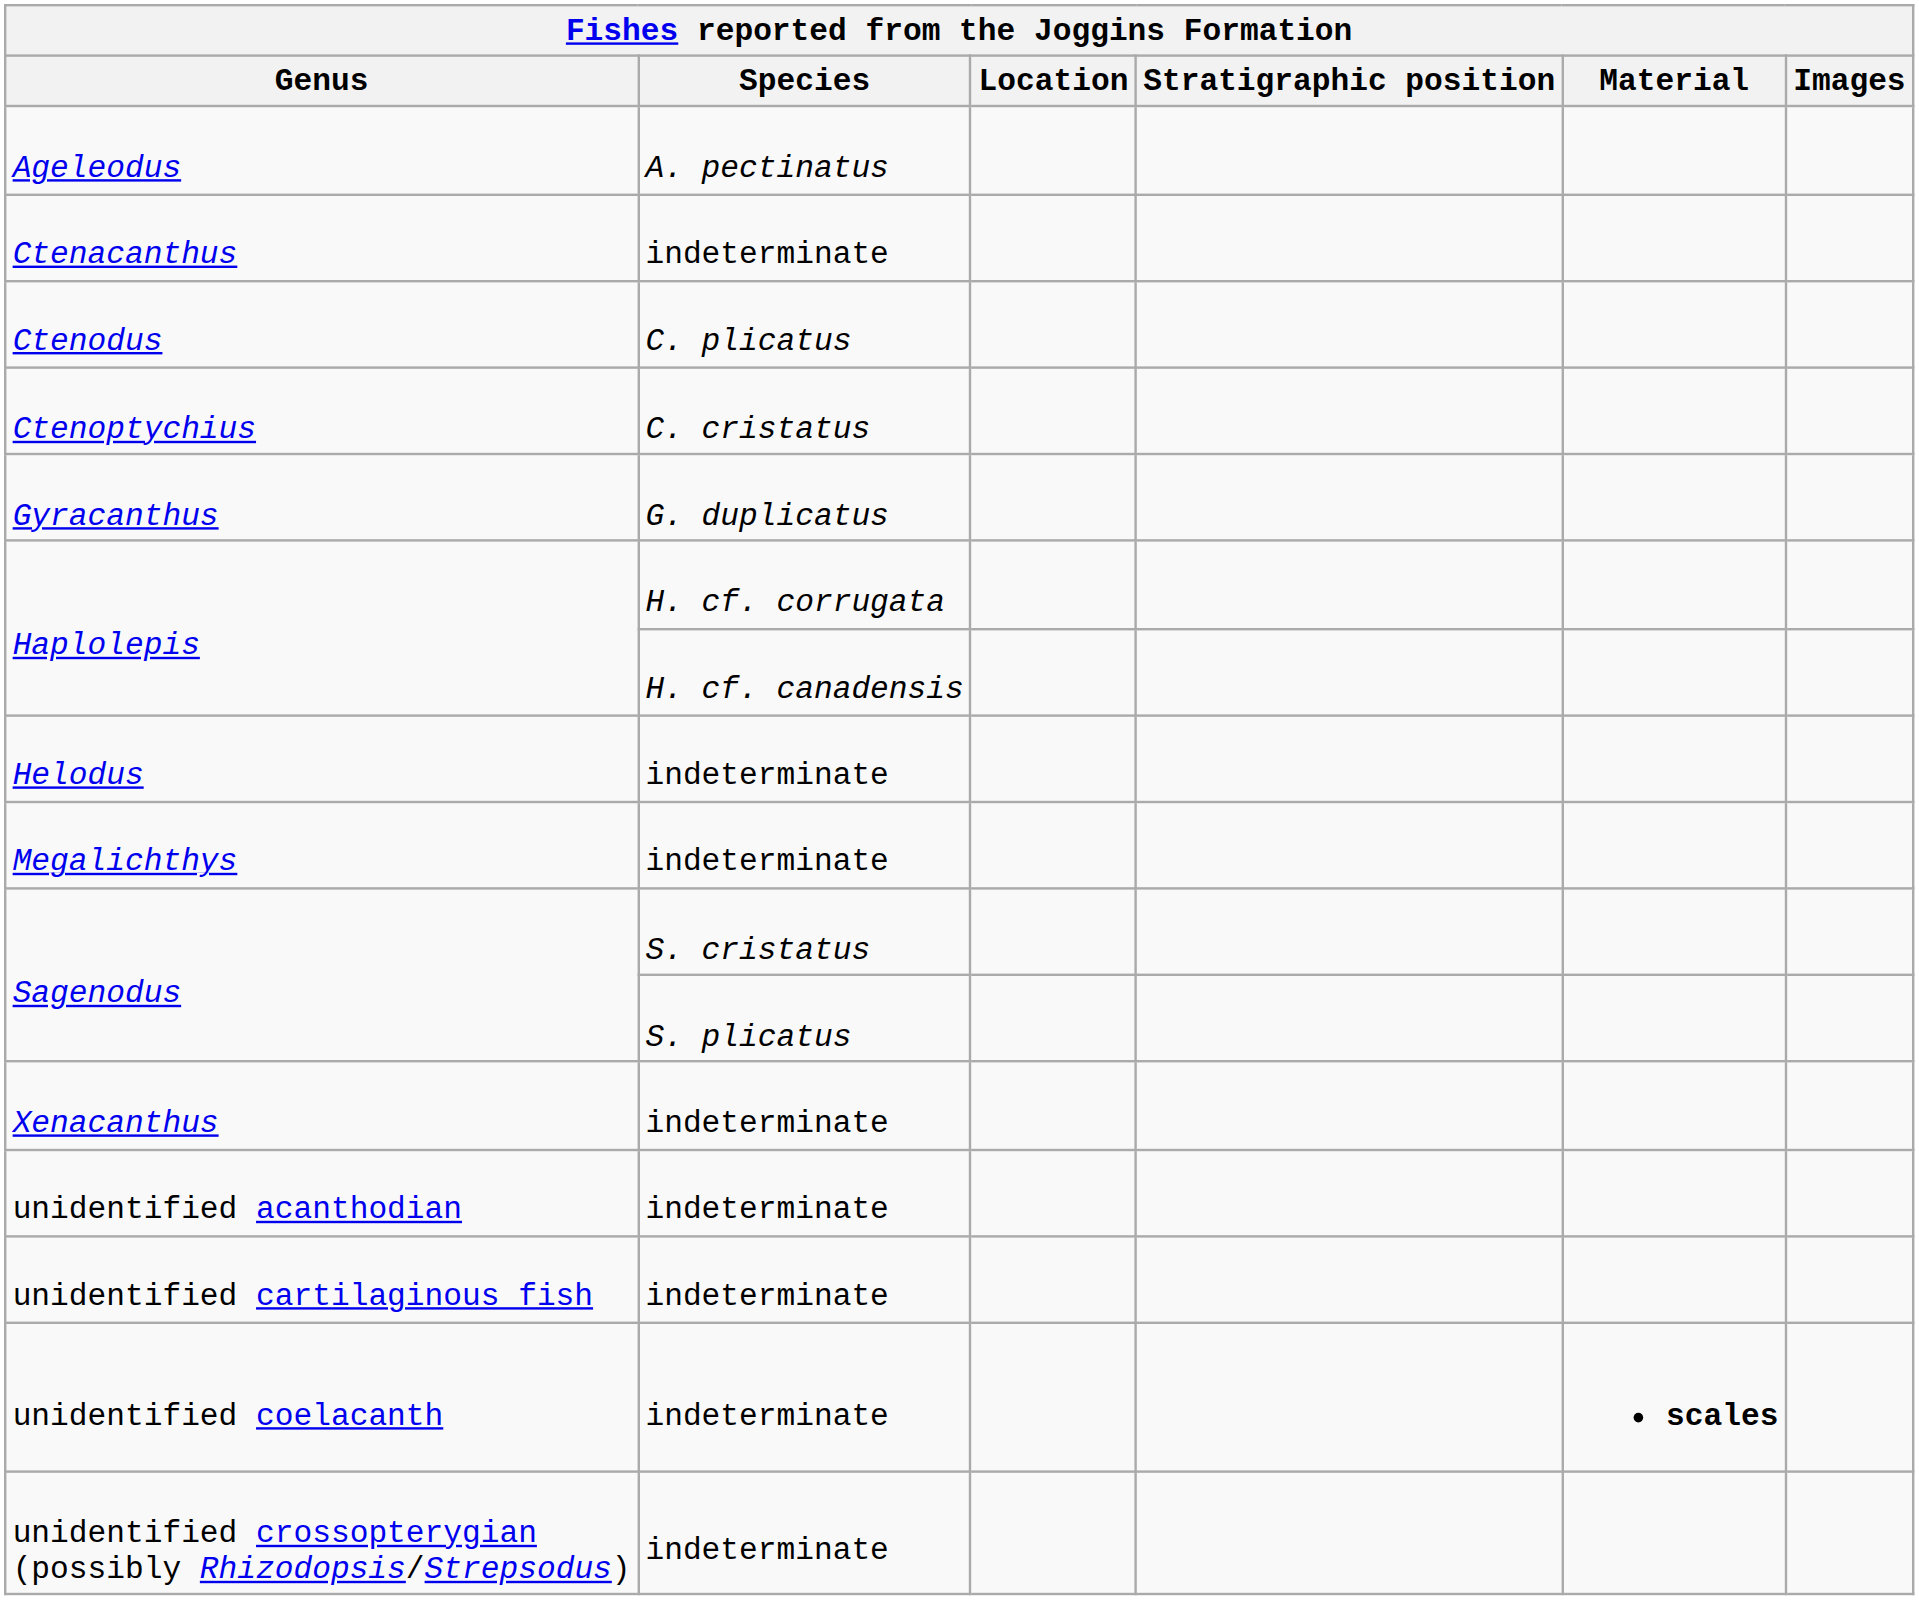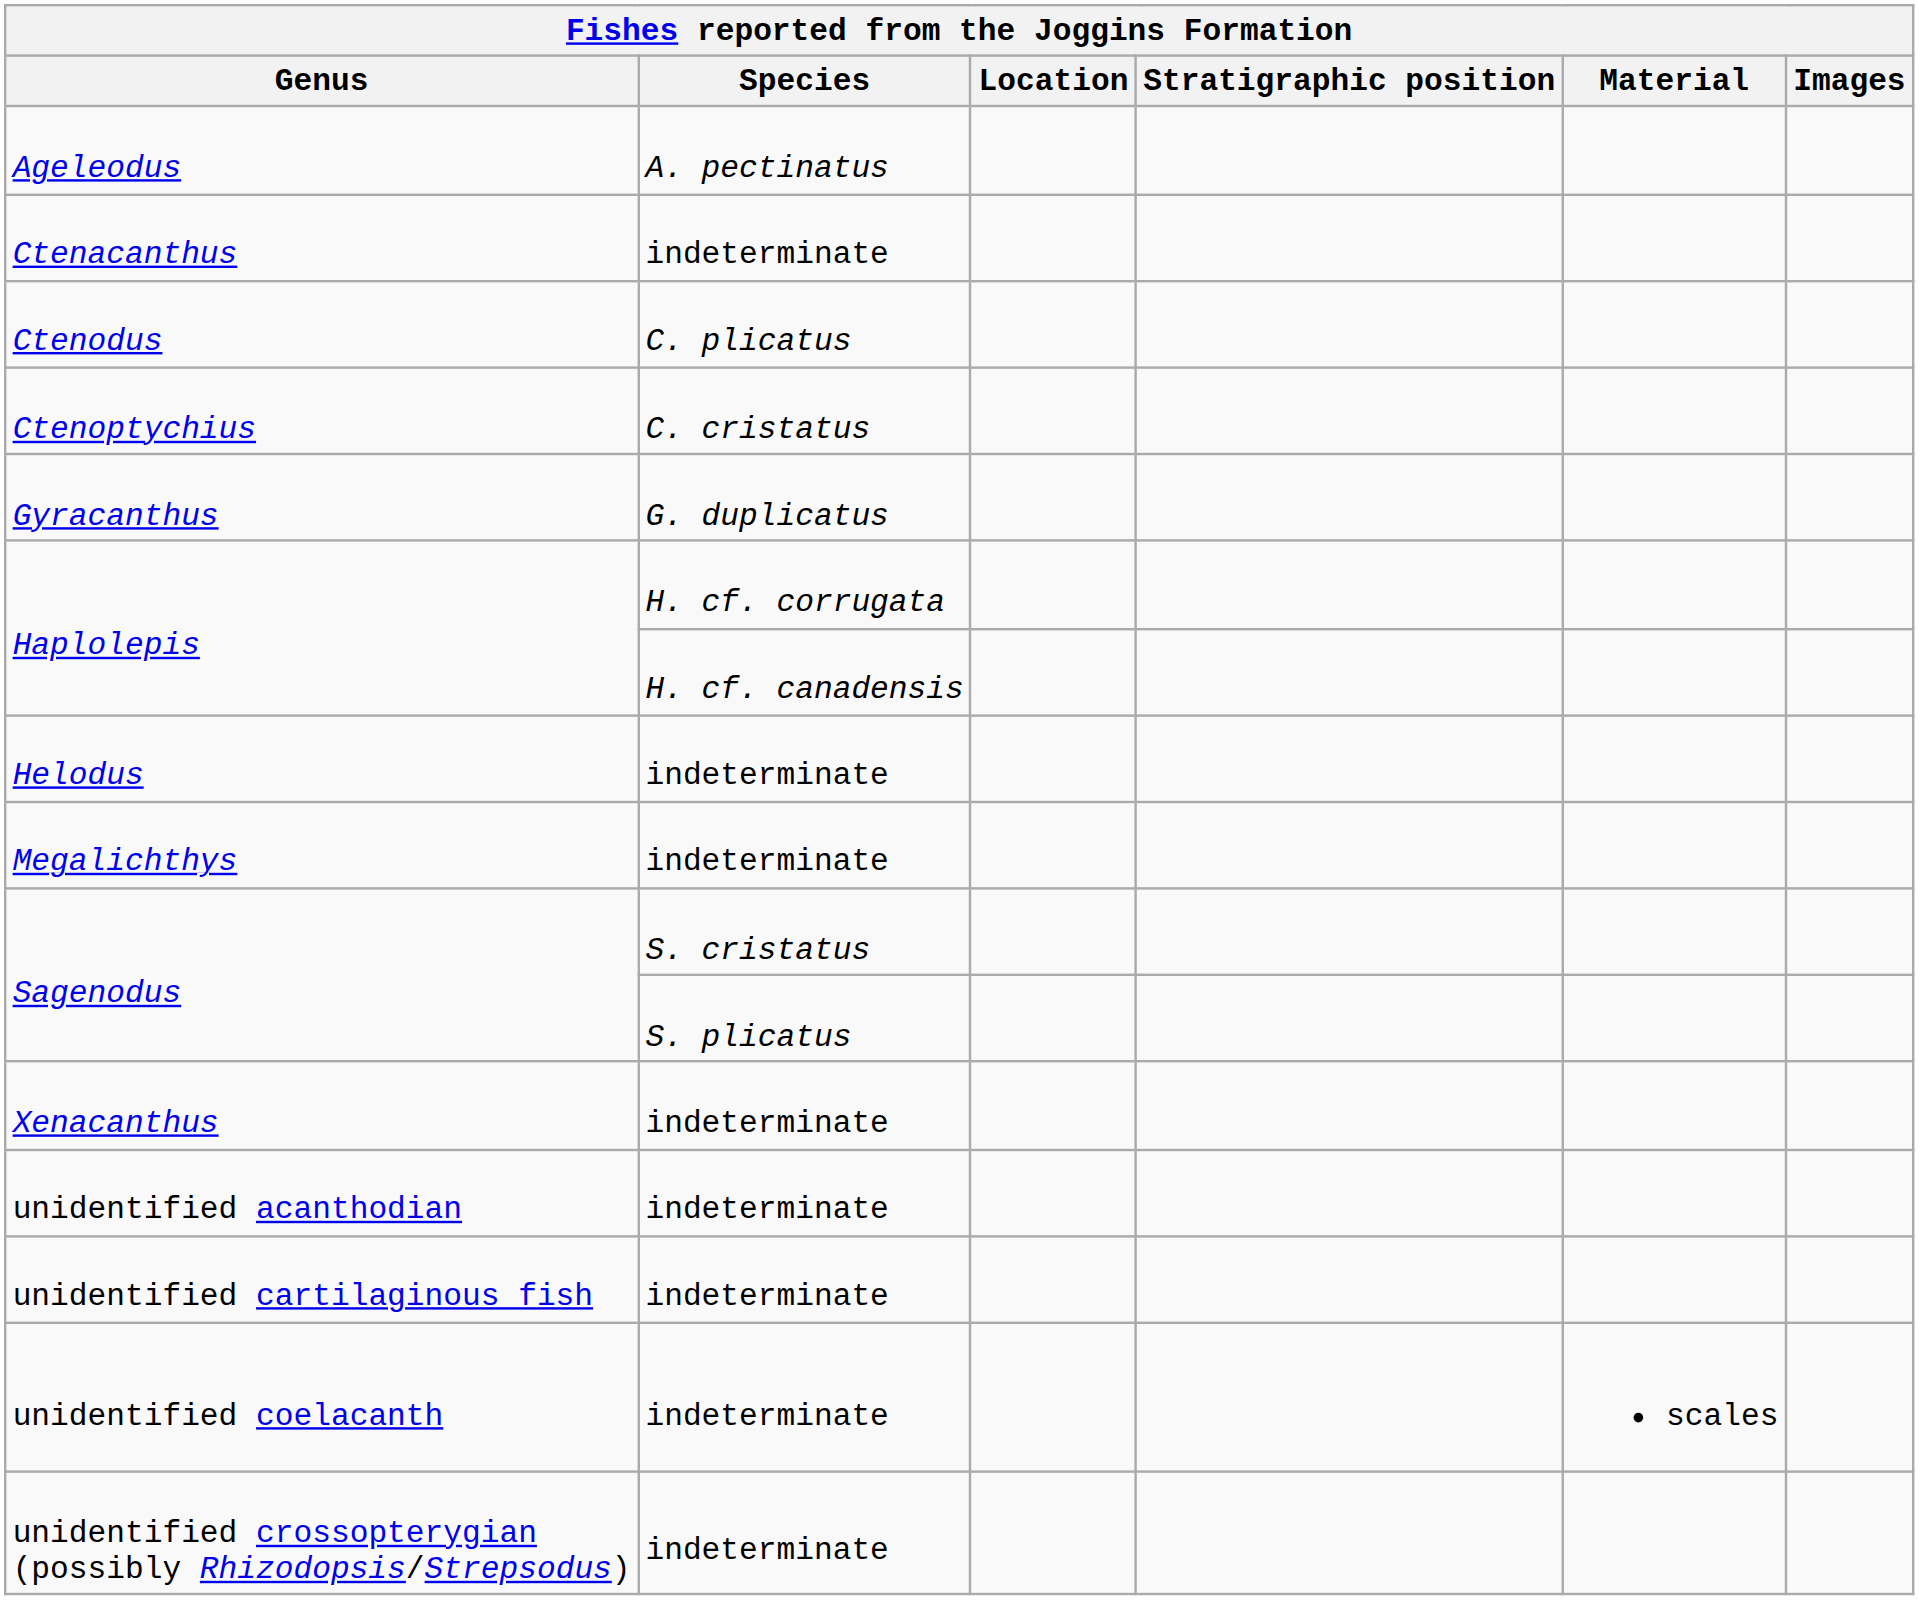 <table class="wikitable sortable mw-collapsible">
 <tr>
 <th colspan="7" style="text-align:center;"><strong><a href='#'>Fishes</a> reported from the Joggins Formation</strong></th>
 </tr>
 <tr>
 <th>Genus</th>
 <th>Species</th>
 <th>Location</th>
 <th>Stratigraphic position</th>
 <th>Material</th>
 <th>Images</th>
 </tr>
 <tr>
 <td rowspan="1"><br><em><a href='#'>Ageleodus</a></em></td>
 <td><br><em>A. pectinatus</em></td>
 <td></td>
 <td></td>
 <td></td>
 <td></td>
 </tr>
 <tr>
 <td rowspan="1"><br><em><a href='#'>Ctenacanthus</a></em></td>
 <td><br>indeterminate</td>
 <td></td>
 <td></td>
 <td></td>
 <td></td>
 </tr>
 <tr>
 <td rowspan="1"><br><em><a href='#'>Ctenodus</a></em></td>
 <td><br><em>C. plicatus</em></td>
 <td></td>
 <td></td>
 <td></td>
 <td></td>
 </tr>
 <tr>
 <td rowspan="1"><br><em><a href='#'>Ctenoptychius</a></em></td>
 <td><br><em>C. cristatus</em></td>
 <td></td>
 <td></td>
 <td></td>
 <td></td>
 </tr>
 <tr>
 <td rowspan="1"><br><em><a href='#'>Gyracanthus</a></em></td>
 <td><br><em>G. duplicatus</em></td>
 <td></td>
 <td></td>
 <td></td>
 <td></td>
 </tr>
 <tr>
 <td rowspan="2"><br><em><a href='#'>Haplolepis</a></em></td>
 <td><br><em>H. cf. corrugata</em></td>
 <td></td>
 <td></td>
 <td></td>
 <td></td>
 </tr>
 <tr>
 <td><br><em>H. cf. canadensis</em></td>
 <td></td>
 <td></td>
 <td></td>
 <td></td>
 </tr>
 <tr>
 <td rowspan="1"><br><em><a href='#'>Helodus</a></em></td>
 <td><br>indeterminate</td>
 <td></td>
 <td></td>
 <td></td>
 <td></td>
 </tr>
 <tr>
 <td rowspan="1"><br><em><a href='#'>Megalichthys</a></em></td>
 <td><br>indeterminate</td>
 <td></td>
 <td></td>
 <td></td>
 <td></td>
 </tr>
 <tr>
 <td rowspan="2"><br><em><a href='#'>Sagenodus</a></em></td>
 <td><br><em>S. cristatus</em></td>
 <td></td>
 <td></td>
 <td></td>
 <td></td>
 </tr>
 <tr>
 <td><br><em>S. plicatus</em></td>
 <td></td>
 <td></td>
 <td></td>
 <td></td>
 </tr>
 <tr>
 <td rowspan="1"><br><em><a href='#'>Xenacanthus</a></em></td>
 <td><br>indeterminate</td>
 <td></td>
 <td></td>
 <td></td>
 <td></td>
 </tr>
 <tr>
 <td rowspan="1"><br>unidentified <a href='#'>acanthodian</a></td>
 <td><br>indeterminate</td>
 <td></td>
 <td></td>
 <td></td>
 <td></td>
 </tr>
 <tr>
 <td rowspan="1"><br>unidentified <a href='#'>cartilaginous fish</a></td>
 <td><br>indeterminate</td>
 <td></td>
 <td></td>
 <td></td>
 <td></td>
 </tr>
 <tr>
 <td rowspan="1"><br>unidentified <a href='#'>coelacanth</a></td>
 <td><br>indeterminate</td>
 <td></td>
 <td></td>
-<td><strong><br><ul><li>scales</li></ul></strong></td>
+<td><br><ul><li>scales</li></ul></td>
 <td></td>
 </tr>
 <tr>
 <td rowspan="1"><br>unidentified <a href='#'>crossopterygian</a><br>(possibly <em><a href='#'>Rhizodopsis</a></em>/<em><a href='#'>Strepsodus</a></em>)</td>
 <td><br>indeterminate</td>
 <td></td>
 <td></td>
 <td></td>
 <td></td>
 </tr>
 </table>
